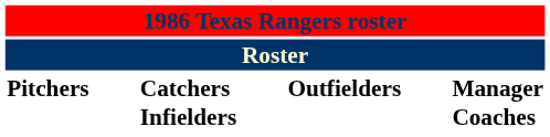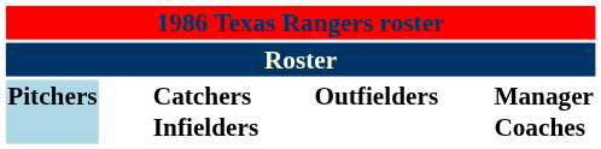 <table class="toccolours" style="font-size: 95%;">
 <tr>
 <th colspan="10" style="background-color: red; color: #003366; text-align: center;">1986 Texas Rangers roster</th>
 </tr>
 <tr>
 <td colspan="10" style="background-color: #003366; color: #FFFDD0; text-align: center;"><strong>Roster</strong></td>
 </tr>
 <tr>
-<td valign="top"><strong>Pitchers</strong><br>               </td>
+<td valign="top" style="background: lightblue;"><strong>Pitchers</strong><br>               </td>
 <td width="25px"></td>
 <td valign="top"><strong>Catchers</strong><br>    <strong>Infielders</strong>         </td>
 <td width="25px"></td>
 <td valign="top"><strong>Outfielders</strong><br>       </td>
 <td width="25px"></td>
 <td valign="top"><strong>Manager</strong><br> <strong>Coaches</strong>     </td>
 </tr>
 <tr>
 </tr>
 </table>
